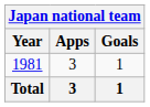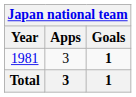 <table class="wikitable" style="text-align:center">
 <tr>
 <th colspan=3><a href='#'>Japan national team</a></th>
 </tr>
 <tr>
 <th>Year</th>
 <th>Apps</th>
 <th>Goals</th>
 </tr>
 <tr>
 <td><a href='#'>1981</a></td>
 <td>3</td>
-<td>1</td>
+<td><strong>1</strong></td>
 </tr>
 <tr>
 <th>Total</th>
 <th>3</th>
 <th>1</th>
 </tr>
 </table>
